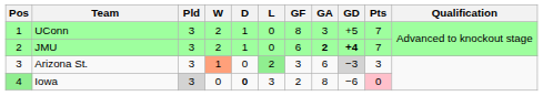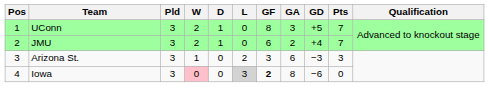 <table class="wikitable" style="text-align:center; margin: 1em auto">
 <tr>
 <th style="width:2em">Pos</th>
 <th style="width:13em">Team</th>
 <th style="width:2em">Pld</th>
 <th style="width:2em">W</th>
 <th style="width:2em">D</th>
 <th style="width:2em">L</th>
 <th style="width:2em">GF</th>
 <th style="width:2em">GA</th>
 <th style="width:2em">GD</th>
 <th style="width:2em">Pts</th>
 <th style="width:13em">Qualification</th>
 </tr>
 <tr bgcolor="#9eff9e">
 <td>1</td>
 <td style="text-align:left">UConn</td>
 <td>3</td>
 <td>2</td>
 <td>1</td>
 <td>0</td>
 <td>8</td>
 <td>3</td>
 <td>+5</td>
 <td>7</td>
 <td rowspan="2">Advanced to knockout stage</td>
 </tr>
 <tr bgcolor="#9eff9e">
 <td>2</td>
 <td style="text-align:left">JMU</td>
 <td>3</td>
 <td>2</td>
 <td>1</td>
 <td>0</td>
 <td>6</td>
-<td><strong>2</strong></td>
-<td><strong>+4</strong></td>
+<td>2</td>
+<td>+4</td>
 <td>7</td>
 </tr>
 <tr>
 <td>3</td>
 <td style="text-align:left">Arizona St.</td>
 <td>3</td>
-<td style="background: lightsalmon;">1</td>
+<td>1</td>
 <td>0</td>
-<td style="background: lightgreen;">2</td>
+<td>2</td>
 <td>3</td>
 <td>6</td>
-<td style="background: lightgrey;">−3</td>
+<td>−3</td>
 <td>3</td>
 <td rowspan="2"></td>
 </tr>
 <tr>
-<td style="background: lightgreen;">4</td>
+<td>4</td>
 <td style="text-align:left">Iowa</td>
+<td>3</td>
+<td style="background: pink;">0</td>
+<td>0</td>
 <td style="background: lightgrey;">3</td>
-<td>0</td>
-<td><strong>0</strong></td>
-<td>3</td>
-<td>2</td>
+<td><strong>2</strong></td>
 <td>8</td>
 <td>−6</td>
-<td style="background: pink;">0</td>
+<td>0</td>
 </tr>
 </table>
